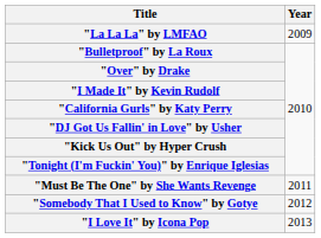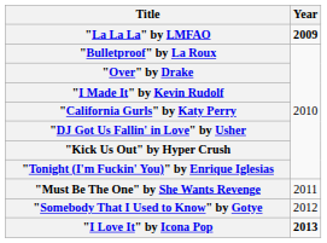 <table class="wikitable plainrowheaders" style="text-align:center;">
 <tr>
 <th scope="col" style="width:23em;">Title</th>
 <th scope="col">Year</th>
 </tr>
 <tr>
 <th scope="row">"<a href='#'>La La La</a>" by <a href='#'>LMFAO</a></th>
-<td>2009</td>
+<td><strong>2009</strong></td>
 </tr>
 <tr>
 <th scope="row">"<a href='#'>Bulletproof</a>" by <a href='#'>La Roux</a></th>
 <td rowspan="7">2010</td>
 </tr>
 <tr>
 <th scope="row">"<a href='#'>Over</a>" by <a href='#'>Drake</a></th>
 </tr>
 <tr>
 <th scope="row">"<a href='#'>I Made It</a>" by <a href='#'>Kevin Rudolf</a></th>
 </tr>
 <tr>
 <th scope="row">"<a href='#'>California Gurls</a>" by <a href='#'>Katy Perry</a></th>
 </tr>
 <tr>
 <th scope="row">"<a href='#'>DJ Got Us Fallin' in Love</a>" by <a href='#'>Usher</a><br></th>
 </tr>
 <tr>
 <th scope="row">"Kick Us Out" by Hyper Crush</th>
 </tr>
 <tr>
 <th scope="row">"<a href='#'>Tonight (I'm Fuckin' You)</a>" by <a href='#'>Enrique Iglesias</a><br></th>
 </tr>
 <tr>
 <th scope="row">"Must Be The One" by <a href='#'>She Wants Revenge</a></th>
 <td>2011</td>
 </tr>
 <tr>
 <th scope="row">"<a href='#'>Somebody That I Used to Know</a>" by <a href='#'>Gotye</a></th>
 <td>2012</td>
 </tr>
 <tr>
 <th scope="row">"<a href='#'>I Love It</a>" by <a href='#'>Icona Pop</a></th>
-<td>2013</td>
+<td><strong>2013</strong></td>
 </tr>
 </table>
